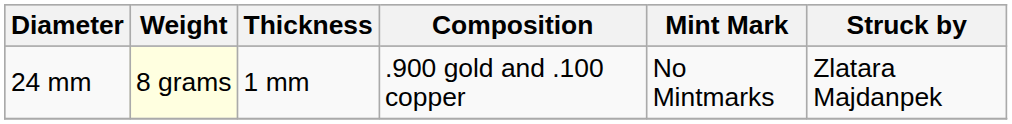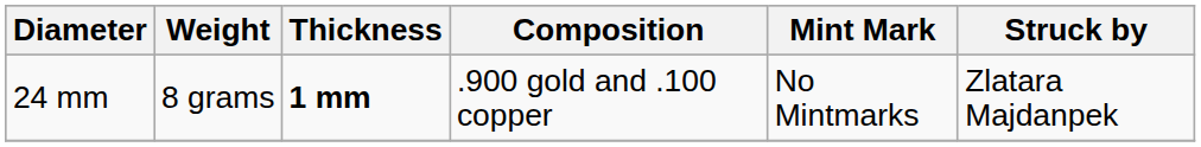 <table class="wikitable">
 <tr>
 <th>Diameter</th>
 <th>Weight</th>
 <th>Thickness</th>
 <th>Composition</th>
 <th>Mint Mark</th>
 <th>Struck by</th>
 </tr>
 <tr>
 <td>24 mm</td>
-<td style="background: lightyellow;">8 grams</td>
-<td>1 mm</td>
+<td>8 grams</td>
+<td><strong>1 mm</strong></td>
 <td>.900 gold and .100 copper</td>
 <td>No Mintmarks</td>
 <td>Zlatara Majdanpek</td>
 </tr>
 <tr>
 </tr>
 </table>
